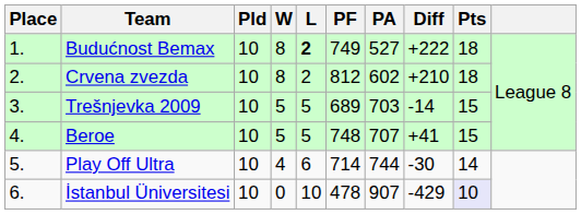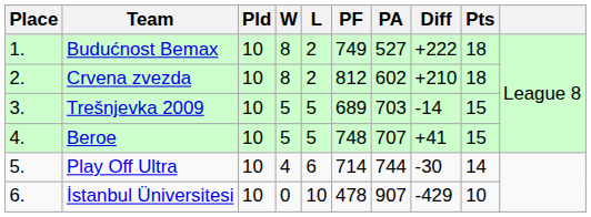 <table class="wikitable">
 <tr>
 <th>Place</th>
 <th>Team</th>
 <th>Pld</th>
 <th>W</th>
 <th>L</th>
 <th>PF</th>
 <th>PA</th>
 <th>Diff</th>
 <th>Pts</th>
 <th></th>
 </tr>
 <tr bgcolor=#ccffcc>
 <td>1.</td>
 <td> <a href='#'>Budućnost Bemax</a></td>
 <td>10</td>
 <td>8</td>
-<td><strong>2</strong></td>
+<td>2</td>
 <td>749</td>
 <td>527</td>
 <td>+222</td>
 <td>18</td>
 <td rowspan="4">League 8</td>
 </tr>
 <tr bgcolor=#ccffcc>
 <td>2.</td>
 <td> <a href='#'>Crvena zvezda</a></td>
 <td>10</td>
 <td>8</td>
 <td>2</td>
 <td>812</td>
 <td>602</td>
 <td>+210</td>
 <td>18</td>
 </tr>
 <tr bgcolor=#ccffcc>
 <td>3.</td>
 <td> <a href='#'>Trešnjevka 2009</a></td>
 <td>10</td>
 <td>5</td>
 <td>5</td>
 <td>689</td>
 <td>703</td>
 <td>-14</td>
 <td>15</td>
 </tr>
 <tr bgcolor=#ccffcc>
 <td>4.</td>
 <td> <a href='#'>Beroe</a></td>
 <td>10</td>
 <td>5</td>
 <td>5</td>
 <td>748</td>
 <td>707</td>
 <td>+41</td>
 <td>15</td>
 </tr>
 <tr>
 <td>5.</td>
 <td> <a href='#'>Play Off Ultra</a></td>
 <td>10</td>
 <td>4</td>
 <td>6</td>
 <td>714</td>
 <td>744</td>
 <td>-30</td>
 <td>14</td>
 <td rowspan="2"></td>
 </tr>
 <tr>
 <td>6.</td>
 <td> <a href='#'>İstanbul Üniversitesi</a></td>
 <td>10</td>
 <td>0</td>
 <td>10</td>
 <td>478</td>
 <td>907</td>
 <td>-429</td>
-<td style="background: lavender;">10</td>
+<td>10</td>
 </tr>
 </table>
